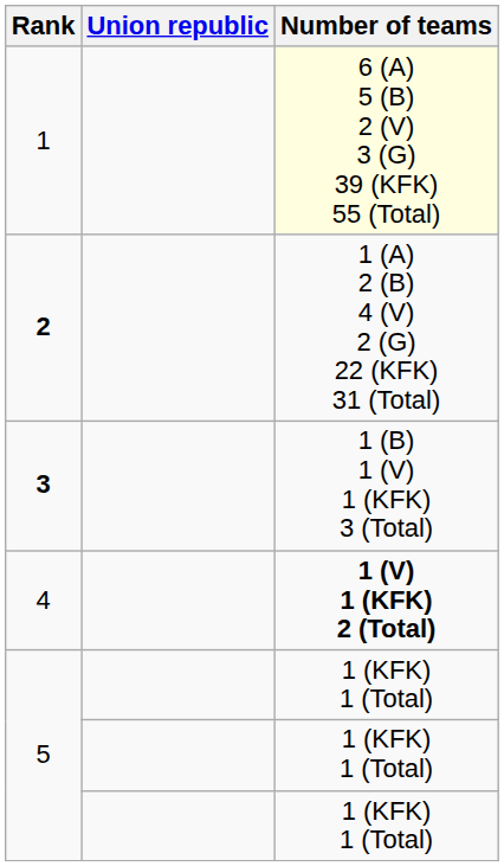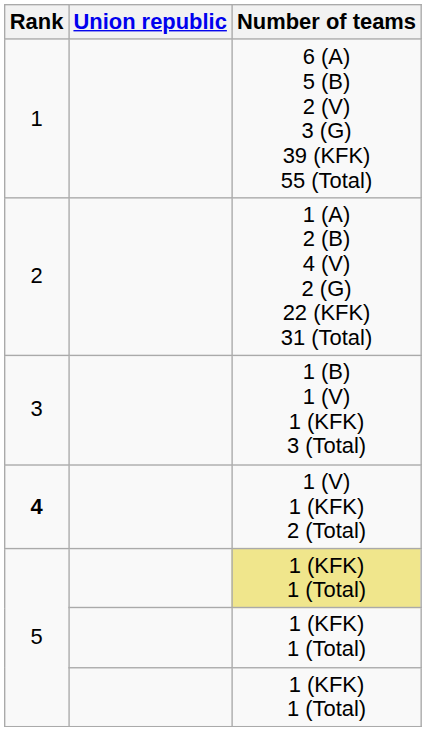 <table class="wikitable">
 <tr>
 <th>Rank</th>
 <th><a href='#'>Union republic</a></th>
 <th>Number of teams</th>
 </tr>
 <tr>
 <td align="center" rowspan=1>1</td>
 <td></td>
-<td align="center" rowspan=1 style="background: lightyellow;">6 (A)<br>5 (B)<br>2 (V)<br>3 (G)<br>39 (KFK)<br>55 (Total)</td>
+<td align="center" rowspan=1>6 (A)<br>5 (B)<br>2 (V)<br>3 (G)<br>39 (KFK)<br>55 (Total)</td>
 </tr>
 <tr>
-<td align="center" rowspan=1><strong>2</strong></td>
+<td align="center" rowspan=1>2</td>
 <td></td>
 <td align="center" rowspan=1>1 (A)<br>2 (B)<br>4 (V)<br>2 (G)<br>22 (KFK)<br>31 (Total)</td>
 </tr>
 <tr>
-<td align="center" rowspan=1><strong>3</strong></td>
+<td align="center" rowspan=1>3</td>
 <td></td>
 <td align="center" rowspan=1>1 (B)<br>1 (V)<br>1 (KFK)<br>3 (Total)</td>
 </tr>
 <tr>
-<td align="center" rowspan=1>4</td>
+<td align="center" rowspan=1><strong>4</strong></td>
 <td></td>
-<td align="center" rowspan=1><strong>1 (V)<br>1 (KFK)<br>2 (Total)</strong></td>
+<td align="center" rowspan=1>1 (V)<br>1 (KFK)<br>2 (Total)</td>
 </tr>
 <tr>
 <td align="center" rowspan=3>5</td>
 <td></td>
-<td align="center" rowspan=1>1 (KFK)<br>1 (Total)</td>
+<td align="center" rowspan=1 style="background: khaki;">1 (KFK)<br>1 (Total)</td>
 </tr>
 <tr>
 <td></td>
 <td align="center" rowspan=1>1 (KFK)<br>1 (Total)</td>
 </tr>
 <tr>
 <td></td>
 <td align="center" rowspan=1>1 (KFK)<br>1 (Total)</td>
 </tr>
 <tr>
 </tr>
 </table>
